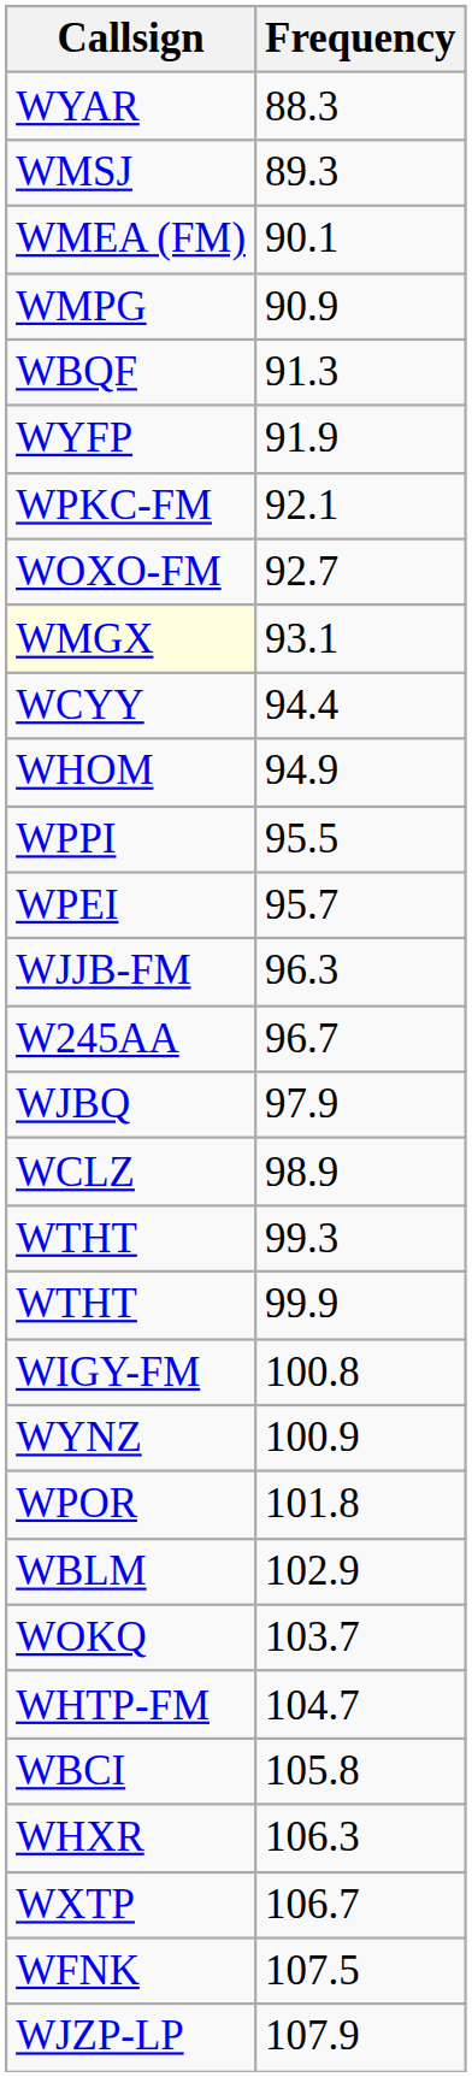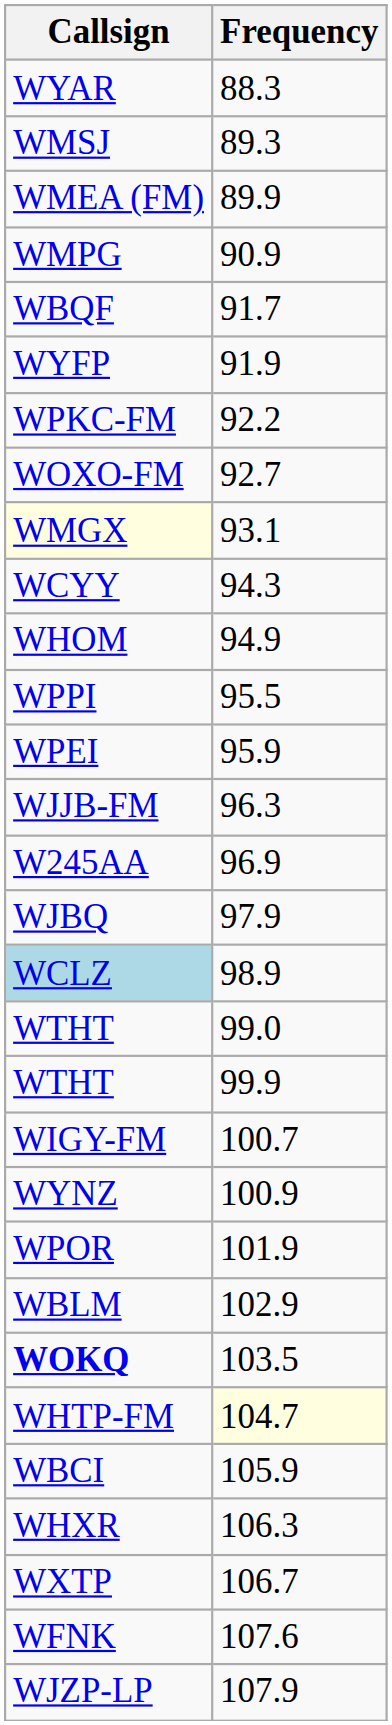 <table class="wikitable">
 <tr>
 <th>Callsign</th>
 <th>Frequency</th>
 </tr>
 <tr>
 <td><a href='#'>WYAR</a></td>
 <td>88.3</td>
 </tr>
 <tr>
 <td><a href='#'>WMSJ</a></td>
 <td>89.3</td>
 </tr>
 <tr>
 <td><a href='#'>WMEA (FM)</a></td>
-<td>90.1</td>
+<td>89.9</td>
 </tr>
 <tr>
 <td><a href='#'>WMPG</a></td>
 <td>90.9</td>
 </tr>
 <tr>
 <td><a href='#'>WBQF</a></td>
-<td>91.3</td>
+<td>91.7</td>
 </tr>
 <tr>
 <td><a href='#'>WYFP</a></td>
 <td>91.9</td>
 </tr>
 <tr>
 <td><a href='#'>WPKC-FM</a></td>
-<td>92.1</td>
+<td>92.2</td>
 </tr>
 <tr>
 <td><a href='#'>WOXO-FM</a></td>
 <td>92.7</td>
 </tr>
 <tr>
 <td style="background: lightyellow;"><a href='#'>WMGX</a></td>
 <td>93.1</td>
 </tr>
 <tr>
 <td><a href='#'>WCYY</a></td>
-<td>94.4</td>
+<td>94.3</td>
 </tr>
 <tr>
 <td><a href='#'>WHOM</a></td>
 <td>94.9</td>
 </tr>
 <tr>
 <td><a href='#'>WPPI</a></td>
 <td>95.5</td>
 </tr>
 <tr>
 <td><a href='#'>WPEI</a></td>
-<td>95.7</td>
+<td>95.9</td>
 </tr>
 <tr>
 <td><a href='#'>WJJB-FM</a></td>
 <td>96.3</td>
 </tr>
 <tr>
 <td><a href='#'>W245AA</a></td>
-<td>96.7</td>
+<td>96.9</td>
 </tr>
 <tr>
 <td><a href='#'>WJBQ</a></td>
 <td>97.9</td>
 </tr>
 <tr>
-<td><a href='#'>WCLZ</a></td>
+<td style="background: lightblue;"><a href='#'>WCLZ</a></td>
 <td>98.9</td>
 </tr>
 <tr>
 <td><a href='#'>WTHT</a></td>
-<td>99.3</td>
+<td>99.0</td>
 </tr>
 <tr>
 <td><a href='#'>WTHT</a></td>
 <td>99.9</td>
 </tr>
 <tr>
 <td><a href='#'>WIGY-FM</a></td>
-<td>100.8</td>
+<td>100.7</td>
 </tr>
 <tr>
 <td><a href='#'>WYNZ</a></td>
 <td>100.9</td>
 </tr>
 <tr>
 <td><a href='#'>WPOR</a></td>
-<td>101.8</td>
+<td>101.9</td>
 </tr>
 <tr>
 <td><a href='#'>WBLM</a></td>
 <td>102.9</td>
 </tr>
 <tr>
-<td><a href='#'>WOKQ</a></td>
-<td>103.7</td>
+<td><strong><a href='#'>WOKQ</a></strong></td>
+<td>103.5</td>
 </tr>
 <tr>
 <td><a href='#'>WHTP-FM</a></td>
-<td>104.7</td>
+<td style="background: lightyellow;">104.7</td>
 </tr>
 <tr>
 <td><a href='#'>WBCI</a></td>
-<td>105.8</td>
+<td>105.9</td>
 </tr>
 <tr>
 <td><a href='#'>WHXR</a></td>
 <td>106.3</td>
 </tr>
 <tr>
 <td><a href='#'>WXTP</a></td>
 <td>106.7</td>
 </tr>
 <tr>
 <td><a href='#'>WFNK</a></td>
-<td>107.5</td>
+<td>107.6</td>
 </tr>
 <tr>
 <td><a href='#'>WJZP-LP</a></td>
 <td>107.9</td>
 </tr>
 </table>
